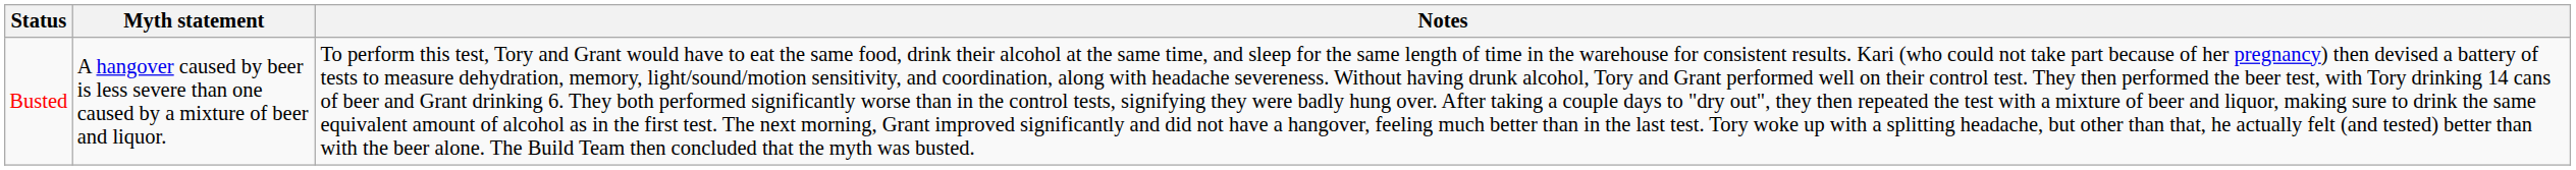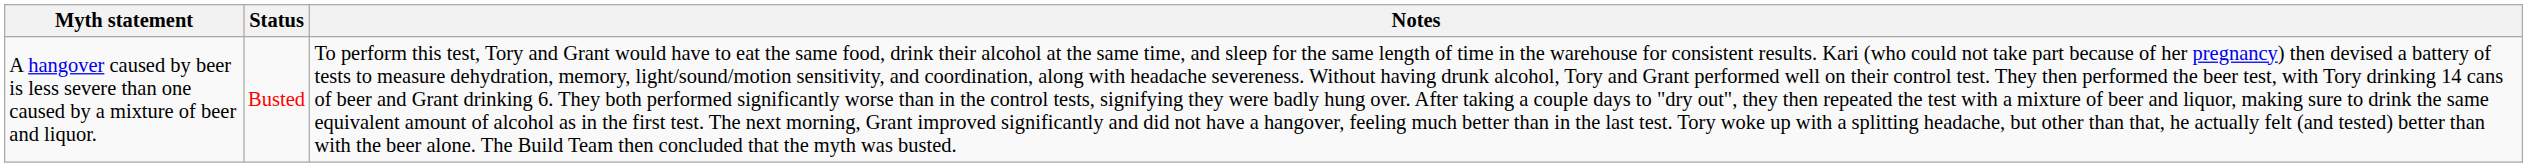 <table class="wikitable plainrowheaders">
 <tr>
+<th>Myth statement</th>
 <th>Status</th>
-<th>Myth statement</th>
 <th>Notes</th>
 </tr>
 <tr>
+<td>A <a href='#'>hangover</a> caused by beer is less severe than one caused by a mixture of beer and liquor.</td>
 <td style="color:red">Busted</td>
-<td>A <a href='#'>hangover</a> caused by beer is less severe than one caused by a mixture of beer and liquor.</td>
 <td>To perform this test, Tory and Grant would have to eat the same food, drink their alcohol at the same time, and sleep for the same length of time in the warehouse for consistent results. Kari (who could not take part because of her <a href='#'>pregnancy</a>) then devised a battery of tests to measure dehydration, memory, light/sound/motion sensitivity, and coordination, along with headache severeness. Without having drunk alcohol, Tory and Grant performed well on their control test. They then performed the beer test, with Tory drinking 14 cans of beer and Grant drinking 6. They both performed significantly worse than in the control tests, signifying they were badly hung over. After taking a couple days to "dry out", they then repeated the test with a mixture of beer and liquor, making sure to drink the same equivalent amount of alcohol as in the first test. The next morning, Grant improved significantly and did not have a hangover, feeling much better than in the last test. Tory woke up with a splitting headache, but other than that, he actually felt (and tested) better than with the beer alone. The Build Team then concluded that the myth was busted.</td>
 </tr>
 </table>
